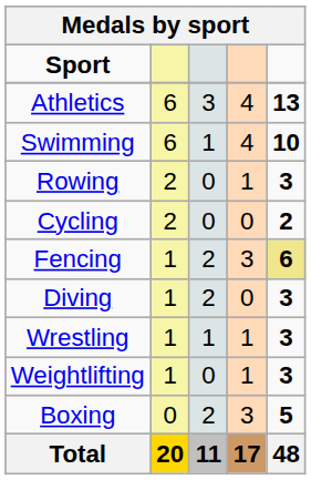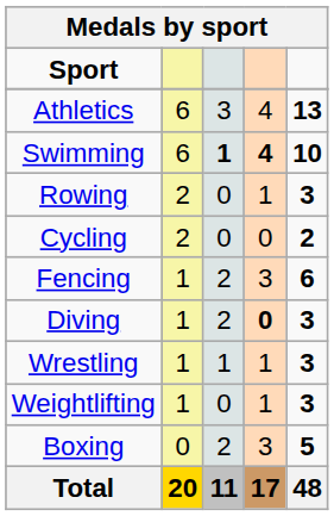 <table class="wikitable" style="font-size:85%; float:right">
 <tr style="background:#efefef;">
 <th colspan=7><strong>Medals by sport</strong></th>
 </tr>
 <tr align=center>
 <td><strong>Sport</strong></td>
 <td bgcolor=#f7f6a8></td>
 <td bgcolor=#dce5e5></td>
 <td bgcolor=#ffdab9></td>
 <td></td>
 </tr>
 <tr>
 </tr>
 <tr align=center>
 <td><a href='#'>Athletics</a></td>
 <td style="Background:#F7F6A8;">6</td>
 <td style="background:#DCE5E5;">3</td>
 <td style="background:#FFDAB9;">4</td>
 <td><strong>13</strong></td>
 </tr>
 <tr align=center>
 <td><a href='#'>Swimming</a></td>
 <td style="Background:#F7F6A8;">6</td>
-<td style="background:#DCE5E5;">1</td>
-<td style="background:#FFDAB9;">4</td>
+<td style="background:#DCE5E5;"><strong>1</strong></td>
+<td style="background:#FFDAB9;"><strong>4</strong></td>
 <td><strong>10</strong></td>
 </tr>
 <tr align=center>
 <td><a href='#'>Rowing</a></td>
 <td style="background:#F7F6A8;">2</td>
 <td style="background:#DCE5E5;">0</td>
 <td style="background:#FFDAB9;">1</td>
 <td><strong>3</strong></td>
 </tr>
 <tr align=center>
 <td><a href='#'>Cycling</a></td>
 <td style="Background:#F7F6A8;">2</td>
 <td style="background:#DCE5E5;">0</td>
 <td style="background:#FFDAB9;">0</td>
 <td><strong>2</strong></td>
 </tr>
 <tr align=center>
 <td><a href='#'>Fencing</a></td>
 <td style="Background:#F7F6A8;">1</td>
 <td style="background:#DCE5E5;">2</td>
 <td style="background:#FFDAB9;">3</td>
-<td style="background: khaki;"><strong>6</strong></td>
+<td><strong>6</strong></td>
 </tr>
 <tr align=center>
 <td><a href='#'>Diving</a></td>
 <td style="Background:#F7F6A8;">1</td>
 <td style="background:#DCE5E5;">2</td>
-<td style="background:#FFDAB9;">0</td>
+<td style="background:#FFDAB9;"><strong>0</strong></td>
 <td><strong>3</strong></td>
 </tr>
 <tr align=center>
 <td><a href='#'>Wrestling</a></td>
 <td style="Background:#F7F6A8;">1</td>
 <td style="background:#DCE5E5;">1</td>
 <td style="background:#FFDAB9;">1</td>
 <td><strong>3</strong></td>
 </tr>
 <tr align=center>
 <td><a href='#'>Weightlifting</a></td>
 <td style="Background:#F7F6A8;">1</td>
 <td style="background:#DCE5E5;">0</td>
 <td style="background:#FFDAB9;">1</td>
 <td><strong>3</strong></td>
 </tr>
 <tr align=center>
 <td><a href='#'>Boxing</a></td>
 <td style="Background:#F7F6A8;">0</td>
 <td style="background:#DCE5E5;">2</td>
 <td style="background:#FFDAB9;">3</td>
 <td><strong>5</strong></td>
 </tr>
 <tr align=center>
 <th>Total</th>
 <th style="background:gold;">20</th>
 <th style="background:silver;">11</th>
 <th style="background:#c96;">17</th>
 <th>48</th>
 </tr>
 </table>
